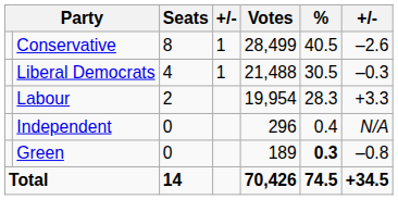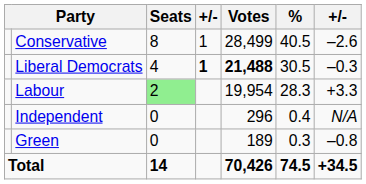 <table class="wikitable sortable">
 <tr>
 <th colspan="2">Party</th>
 <th>Seats</th>
 <th>+/-</th>
 <th>Votes</th>
 <th>%</th>
 <th>+/-</th>
 </tr>
 <tr>
 <td style="background-color: "></td>
 <td><a href='#'>Conservative</a></td>
 <td>8</td>
 <td> 1</td>
 <td style="text-align:right;">28,499</td>
 <td style="text-align:right;">40.5</td>
 <td style="text-align:right;">–2.6</td>
 </tr>
 <tr>
 <td style="background-color: "></td>
 <td><a href='#'>Liberal Democrats</a></td>
 <td>4</td>
-<td> 1</td>
-<td style="text-align:right;">21,488</td>
+<td><strong> 1</strong></td>
+<td style="text-align:right;"><strong>21,488</strong></td>
 <td style="text-align:right;">30.5</td>
 <td style="text-align:right;">–0.3</td>
 </tr>
 <tr>
 <td style="background-color: "></td>
 <td><a href='#'>Labour</a></td>
-<td>2</td>
+<td style="background: lightgreen;">2</td>
 <td></td>
 <td style="text-align:right;">19,954</td>
 <td style="text-align:right;">28.3</td>
 <td style="text-align:right;">+3.3</td>
 </tr>
 <tr>
 <td style="background-color: "></td>
 <td><a href='#'>Independent</a></td>
 <td>0</td>
 <td></td>
 <td style="text-align:right;">296</td>
 <td style="text-align:right;">0.4</td>
 <td style="text-align:right;"><em>N/A</em></td>
 </tr>
 <tr>
 <td style="background-color: "></td>
 <td><a href='#'>Green</a></td>
 <td>0</td>
 <td></td>
 <td style="text-align:right;">189</td>
-<td style="text-align:right;"><strong>0.3</strong></td>
+<td style="text-align:right;">0.3</td>
 <td style="text-align:right;">–0.8</td>
 </tr>
 <tr>
 <td colspan="2"><strong>Total</strong></td>
 <td><strong>14</strong></td>
 <td></td>
 <td style="text-align:right;"><strong>70,426</strong></td>
 <td style="text-align:right;"><strong>74.5</strong></td>
 <td style="text-align:right;"><strong>+34.5</strong></td>
 </tr>
 </table>
